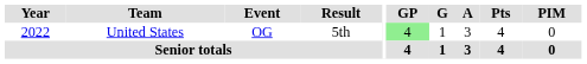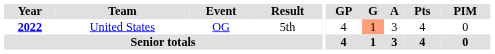 <table border="0" cellpadding="1" cellspacing="0" ID="Table3" style="text-align:center; width:40em;">
 <tr bgcolor="#e0e0e0">
 <th>Year</th>
 <th>Team</th>
 <th>Event</th>
 <th>Result</th>
 <th rowspan="98" bgcolor="#ffffff"></th>
 <th>GP</th>
 <th>G</th>
 <th>A</th>
 <th>Pts</th>
 <th>PIM</th>
 </tr>
 <tr>
-<td><a href='#'>2022</a></td>
+<td><strong><a href='#'>2022</a></strong></td>
 <td><a href='#'>United States</a></td>
 <td><a href='#'>OG</a></td>
 <td>5th</td>
-<td style="background: lightgreen;">4</td>
-<td>1</td>
+<td>4</td>
+<td style="background: lightsalmon;">1</td>
 <td>3</td>
 <td>4</td>
 <td>0</td>
 </tr>
 <tr bgcolor="#e0e0e0">
 <th colspan="4">Senior totals</th>
 <th>4</th>
 <th>1</th>
 <th>3</th>
 <th>4</th>
 <th>0</th>
 </tr>
 </table>
